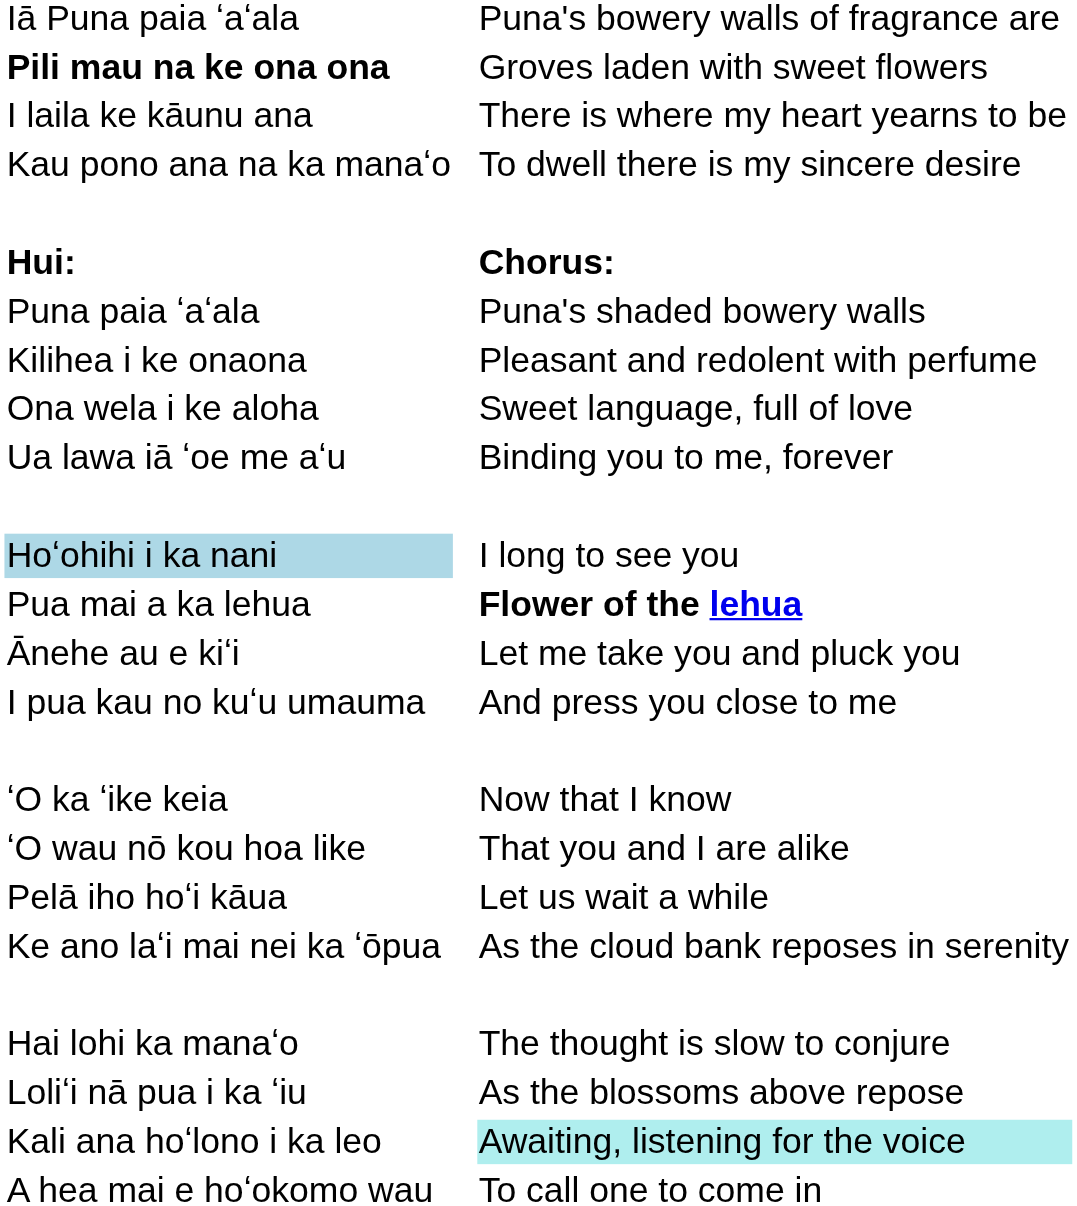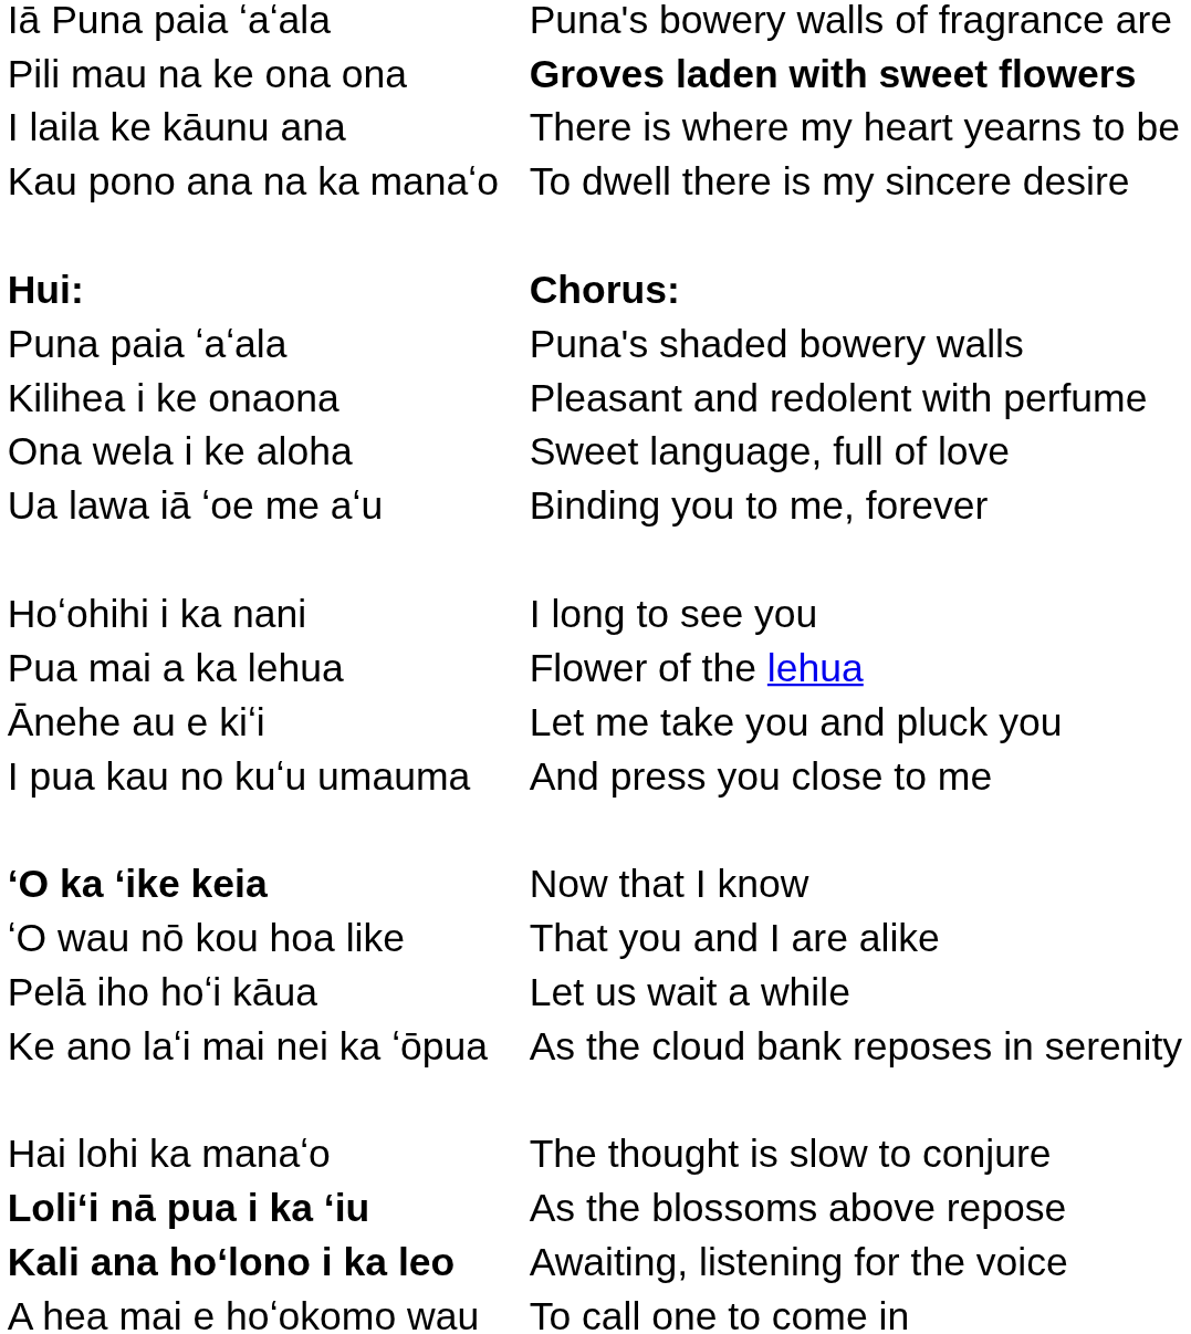 <table>
 <tr>
 <td>Iā Puna paia ʻaʻala</td>
 <td rowspan=99> </td>
 <td>Puna's bowery walls of fragrance are</td>
 </tr>
 <tr>
-<td><strong>Pili mau na ke ona ona</strong></td>
-<td>Groves laden with sweet flowers</td>
+<td>Pili mau na ke ona ona</td>
+<td><strong>Groves laden with sweet flowers</strong></td>
 </tr>
 <tr>
 <td>I laila ke kāunu ana</td>
 <td>There is where my heart yearns to be</td>
 </tr>
 <tr>
 <td>Kau pono ana na ka manaʻo</td>
 <td>To dwell there is my sincere desire</td>
 </tr>
 <tr>
 <td> </td>
 <td> </td>
 </tr>
 <tr>
 <td><strong>Hui:</strong></td>
 <td><strong>Chorus:</strong></td>
 </tr>
 <tr>
 <td>Puna paia ʻaʻala</td>
 <td>Puna's shaded bowery walls</td>
 </tr>
 <tr>
 <td>Kilihea i ke onaona</td>
 <td>Pleasant and redolent with perfume</td>
 </tr>
 <tr>
 <td>Ona wela i ke aloha</td>
 <td>Sweet language, full of love</td>
 </tr>
 <tr>
 <td>Ua lawa iā ʻoe me aʻu</td>
 <td>Binding you to me, forever</td>
 </tr>
 <tr>
 <td> </td>
 <td> </td>
 </tr>
 <tr>
-<td style="background: lightblue;">Hoʻohihi i ka nani</td>
+<td>Hoʻohihi i ka nani</td>
 <td>I long to see you</td>
 </tr>
 <tr>
 <td>Pua mai a ka lehua</td>
-<td><strong>Flower of the <a href='#'>lehua</a></strong></td>
+<td>Flower of the <a href='#'>lehua</a></td>
 </tr>
 <tr>
 <td>Ānehe au e kiʻi</td>
 <td>Let me take you and pluck you</td>
 </tr>
 <tr>
 <td>I pua kau no kuʻu umauma</td>
 <td>And press you close to me</td>
 </tr>
 <tr>
 <td> </td>
 <td> </td>
 </tr>
 <tr>
-<td>ʻO ka ʻike keia</td>
+<td><strong>ʻO ka ʻike keia</strong></td>
 <td>Now that I know</td>
 </tr>
 <tr>
 <td>ʻO wau nō kou hoa like</td>
 <td>That you and I are alike</td>
 </tr>
 <tr>
 <td>Pelā iho hoʻi kāua</td>
 <td>Let us wait a while</td>
 </tr>
 <tr>
 <td>Ke ano laʻi mai nei ka ʻōpua</td>
 <td>As the cloud bank reposes in serenity</td>
 </tr>
 <tr>
 <td> </td>
 <td> </td>
 </tr>
 <tr>
 <td>Hai lohi ka manaʻo</td>
 <td>The thought is slow to conjure</td>
 </tr>
 <tr>
-<td>Loliʻi nā pua i ka ʻiu</td>
+<td><strong>Loliʻi nā pua i ka ʻiu</strong></td>
 <td>As the blossoms above repose</td>
 </tr>
 <tr>
-<td>Kali ana hoʻlono i ka leo</td>
-<td style="background: paleturquoise;">Awaiting, listening for the voice</td>
+<td><strong>Kali ana hoʻlono i ka leo</strong></td>
+<td>Awaiting, listening for the voice</td>
 </tr>
 <tr>
 <td>A hea mai e hoʻokomo wau</td>
 <td>To call one to come in</td>
 </tr>
 </table>
